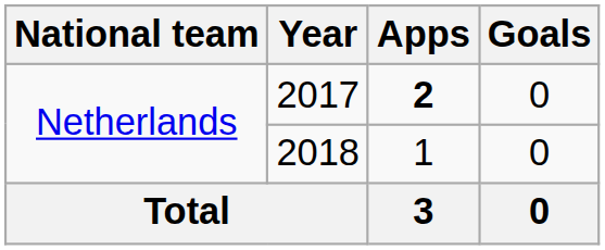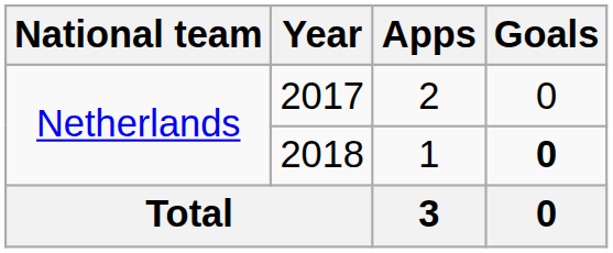 <table class=wikitable style=text-align:center>
 <tr>
 <th>National team</th>
 <th>Year</th>
 <th>Apps</th>
 <th>Goals</th>
 </tr>
 <tr>
 <td rowspan="2"><a href='#'>Netherlands</a></td>
 <td>2017</td>
-<td><strong>2</strong></td>
+<td>2</td>
 <td>0</td>
 </tr>
 <tr>
 <td>2018</td>
 <td>1</td>
-<td>0</td>
+<td><strong>0</strong></td>
 </tr>
 <tr>
 <th colspan="2">Total</th>
 <th>3</th>
 <th>0</th>
 </tr>
 </table>
